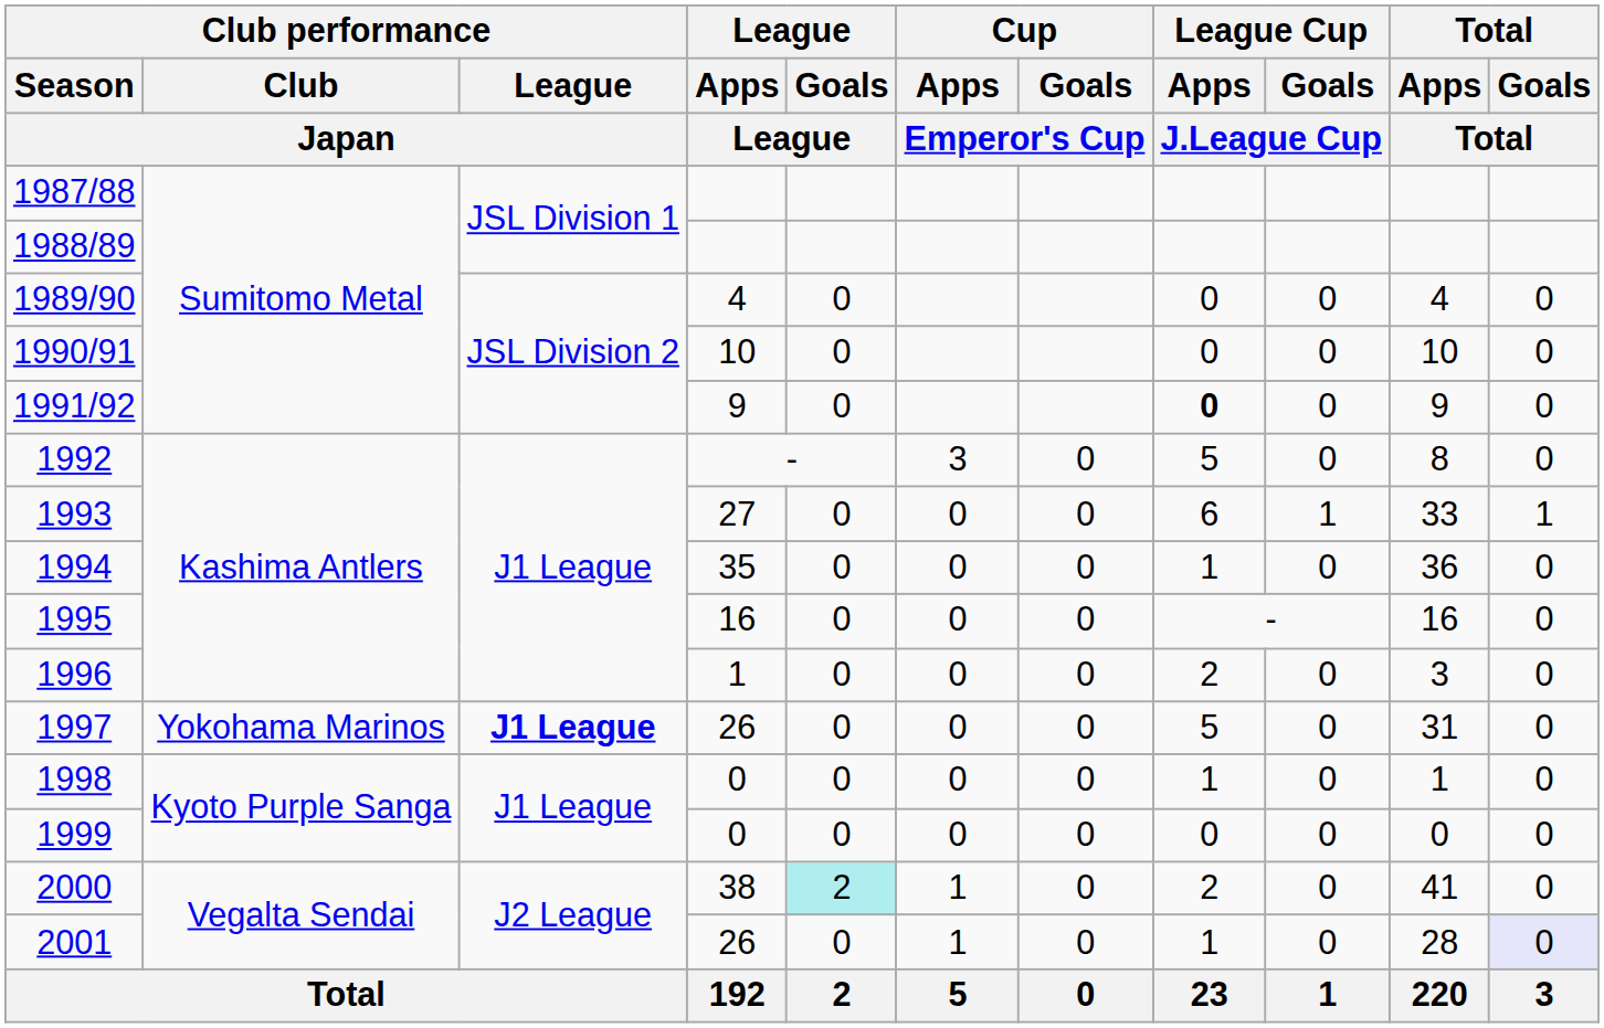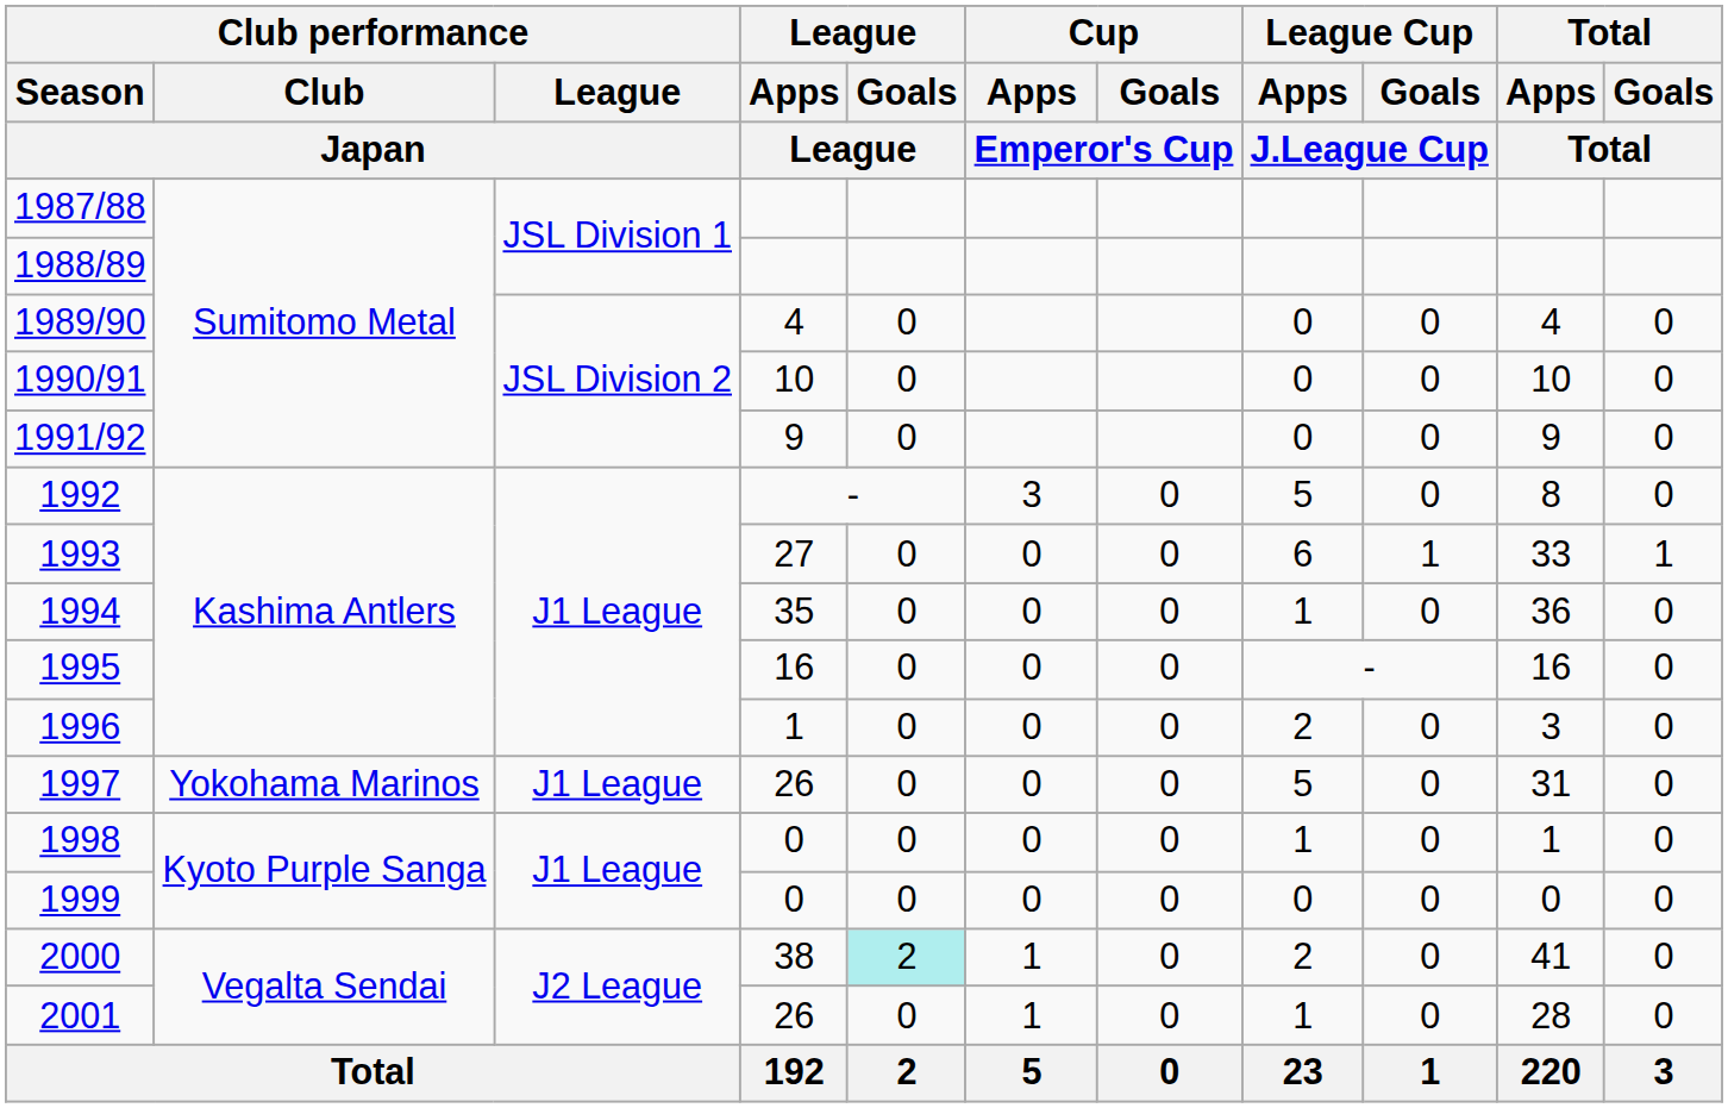 <table class="wikitable" style="text-align:center;">
 <tr>
 <th colspan=3>Club performance</th>
 <th colspan=2>League</th>
 <th colspan=2>Cup</th>
 <th colspan=2>League Cup</th>
 <th colspan=2>Total</th>
 </tr>
 <tr>
 <th>Season</th>
 <th>Club</th>
 <th>League</th>
 <th>Apps</th>
 <th>Goals</th>
 <th>Apps</th>
 <th>Goals</th>
 <th>Apps</th>
 <th>Goals</th>
 <th>Apps</th>
 <th>Goals</th>
 </tr>
 <tr>
 <th colspan=3>Japan</th>
 <th colspan=2>League</th>
 <th colspan=2><a href='#'>Emperor's Cup</a></th>
 <th colspan=2><a href='#'>J.League Cup</a></th>
 <th colspan=2>Total</th>
 </tr>
 <tr>
 <td><a href='#'>1987/88</a></td>
 <td rowspan="5"><a href='#'>Sumitomo Metal</a></td>
 <td rowspan="2"><a href='#'>JSL Division 1</a></td>
 <td></td>
 <td></td>
 <td></td>
 <td></td>
 <td></td>
 <td></td>
 <td></td>
 <td></td>
 </tr>
 <tr>
 <td><a href='#'>1988/89</a></td>
 <td></td>
 <td></td>
 <td></td>
 <td></td>
 <td></td>
 <td></td>
 <td></td>
 <td></td>
 </tr>
 <tr>
 <td><a href='#'>1989/90</a></td>
 <td rowspan="3"><a href='#'>JSL Division 2</a></td>
 <td>4</td>
 <td>0</td>
 <td></td>
 <td></td>
 <td>0</td>
 <td>0</td>
 <td>4</td>
 <td>0</td>
 </tr>
 <tr>
 <td><a href='#'>1990/91</a></td>
 <td>10</td>
 <td>0</td>
 <td></td>
 <td></td>
 <td>0</td>
 <td>0</td>
 <td>10</td>
 <td>0</td>
 </tr>
 <tr>
 <td><a href='#'>1991/92</a></td>
 <td>9</td>
 <td>0</td>
 <td></td>
 <td></td>
-<td><strong>0</strong></td>
+<td>0</td>
 <td>0</td>
 <td>9</td>
 <td>0</td>
 </tr>
 <tr>
 <td><a href='#'>1992</a></td>
 <td rowspan="5"><a href='#'>Kashima Antlers</a></td>
 <td rowspan="5"><a href='#'>J1 League</a></td>
 <td colspan="2">-</td>
 <td>3</td>
 <td>0</td>
 <td>5</td>
 <td>0</td>
 <td>8</td>
 <td>0</td>
 </tr>
 <tr>
 <td><a href='#'>1993</a></td>
 <td>27</td>
 <td>0</td>
 <td>0</td>
 <td>0</td>
 <td>6</td>
 <td>1</td>
 <td>33</td>
 <td>1</td>
 </tr>
 <tr>
 <td><a href='#'>1994</a></td>
 <td>35</td>
 <td>0</td>
 <td>0</td>
 <td>0</td>
 <td>1</td>
 <td>0</td>
 <td>36</td>
 <td>0</td>
 </tr>
 <tr>
 <td><a href='#'>1995</a></td>
 <td>16</td>
 <td>0</td>
 <td>0</td>
 <td>0</td>
 <td colspan="2">-</td>
 <td>16</td>
 <td>0</td>
 </tr>
 <tr>
 <td><a href='#'>1996</a></td>
 <td>1</td>
 <td>0</td>
 <td>0</td>
 <td>0</td>
 <td>2</td>
 <td>0</td>
 <td>3</td>
 <td>0</td>
 </tr>
 <tr>
 <td><a href='#'>1997</a></td>
 <td><a href='#'>Yokohama Marinos</a></td>
-<td><strong><a href='#'>J1 League</a></strong></td>
+<td><a href='#'>J1 League</a></td>
 <td>26</td>
 <td>0</td>
 <td>0</td>
 <td>0</td>
 <td>5</td>
 <td>0</td>
 <td>31</td>
 <td>0</td>
 </tr>
 <tr>
 <td><a href='#'>1998</a></td>
 <td rowspan="2"><a href='#'>Kyoto Purple Sanga</a></td>
 <td rowspan="2"><a href='#'>J1 League</a></td>
 <td>0</td>
 <td>0</td>
 <td>0</td>
 <td>0</td>
 <td>1</td>
 <td>0</td>
 <td>1</td>
 <td>0</td>
 </tr>
 <tr>
 <td><a href='#'>1999</a></td>
 <td>0</td>
 <td>0</td>
 <td>0</td>
 <td>0</td>
 <td>0</td>
 <td>0</td>
 <td>0</td>
 <td>0</td>
 </tr>
 <tr>
 <td><a href='#'>2000</a></td>
 <td rowspan="2"><a href='#'>Vegalta Sendai</a></td>
 <td rowspan="2"><a href='#'>J2 League</a></td>
 <td>38</td>
 <td style="background: paleturquoise;">2</td>
 <td>1</td>
 <td>0</td>
 <td>2</td>
 <td>0</td>
 <td>41</td>
 <td>0</td>
 </tr>
 <tr>
 <td><a href='#'>2001</a></td>
 <td>26</td>
 <td>0</td>
 <td>1</td>
 <td>0</td>
 <td>1</td>
 <td>0</td>
 <td>28</td>
-<td style="background: lavender;">0</td>
+<td>0</td>
 </tr>
 <tr>
 <th colspan=3>Total</th>
 <th>192</th>
 <th>2</th>
 <th>5</th>
 <th>0</th>
 <th>23</th>
 <th>1</th>
 <th>220</th>
 <th>3</th>
 </tr>
 </table>
